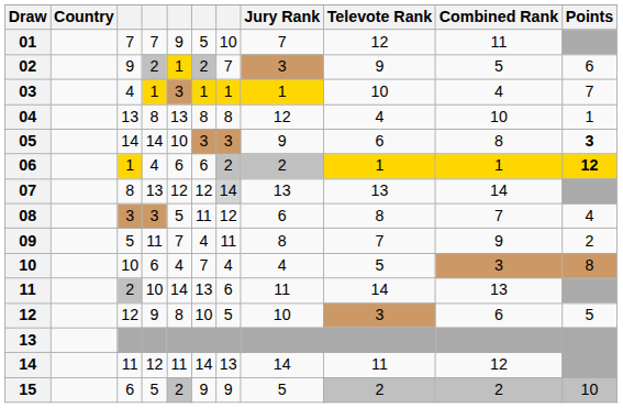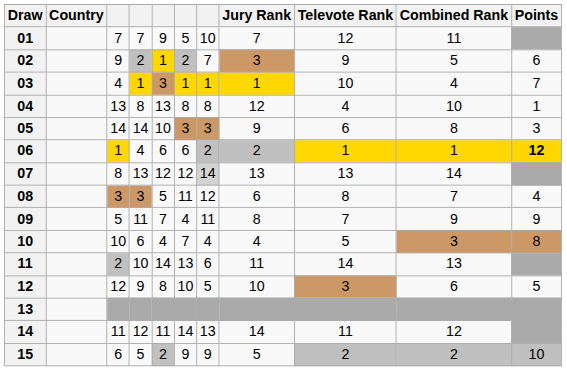 <table class="sortable wikitable collapsible plainrowheaders" style="text-align:center;">
 <tr>
 </tr>
 <tr>
 <th scope="col">Draw</th>
 <th scope="col">Country</th>
 <th scope="col"><small></small></th>
 <th scope="col"><small></small></th>
 <th scope="col"><small></small></th>
 <th scope="col"><small></small></th>
 <th scope="col"><small></small></th>
 <th scope="col">Jury Rank</th>
 <th scope="col">Televote Rank</th>
 <th scope="col">Combined Rank</th>
 <th scope="col">Points</th>
 </tr>
 <tr>
 <th scope="row" style="text-align:center;">01</th>
 <td style="text-align:left;"></td>
 <td>7</td>
 <td>7</td>
 <td>9</td>
 <td>5</td>
 <td>10</td>
 <td>7</td>
 <td>12</td>
 <td>11</td>
 <td style="background:#AAAAAA;"></td>
 </tr>
 <tr>
 <th scope="row" style="text-align:center;">02</th>
 <td style="text-align:left;"></td>
 <td>9</td>
 <td style="background:silver;">2</td>
 <td style="background:gold;">1</td>
 <td style="background:silver;">2</td>
 <td>7</td>
 <td style="background:#CC9966;">3</td>
 <td>9</td>
 <td>5</td>
 <td>6</td>
 </tr>
 <tr>
 <th scope="row" style="text-align:center;">03</th>
 <td style="text-align:left;"></td>
 <td>4</td>
 <td style="background:gold;">1</td>
 <td style="background:#CC9966;">3</td>
 <td style="background:gold;">1</td>
 <td style="background:gold;">1</td>
 <td style="background:gold;">1</td>
 <td>10</td>
 <td>4</td>
 <td>7</td>
 </tr>
 <tr>
 <th scope="row" style="text-align:center;">04</th>
 <td style="text-align:left;"></td>
 <td>13</td>
 <td>8</td>
 <td>13</td>
 <td>8</td>
 <td>8</td>
 <td>12</td>
 <td>4</td>
 <td>10</td>
 <td>1</td>
 </tr>
 <tr>
 <th scope="row" style="text-align:center;">05</th>
 <td style="text-align:left;"></td>
 <td>14</td>
 <td>14</td>
 <td>10</td>
 <td style="background:#CC9966;">3</td>
 <td style="background:#CC9966;">3</td>
 <td>9</td>
 <td>6</td>
 <td>8</td>
-<td><strong>3</strong></td>
+<td>3</td>
 </tr>
 <tr>
 <th scope="row" style="text-align:center;">06</th>
 <td style="text-align:left;"></td>
 <td style="background:gold;">1</td>
 <td>4</td>
 <td>6</td>
 <td>6</td>
 <td style="background:silver;">2</td>
 <td style="background:silver;">2</td>
 <td style="background:gold;">1</td>
 <td style="background:gold;">1</td>
 <td style="background:gold;"><strong>12</strong></td>
 </tr>
 <tr>
 <th scope="row" style="text-align:center;">07</th>
 <td style="text-align:left;"></td>
 <td>8</td>
 <td>13</td>
 <td>12</td>
 <td>12</td>
 <td style="background: lightgrey;">14</td>
 <td>13</td>
 <td>13</td>
 <td>14</td>
 <td style="background:#AAAAAA;"></td>
 </tr>
 <tr>
 <th scope="row" style="text-align:center;">08</th>
 <td style="text-align:left;"></td>
 <td style="background:#CC9966;">3</td>
 <td style="background:#CC9966;">3</td>
 <td>5</td>
 <td>11</td>
 <td>12</td>
 <td>6</td>
 <td>8</td>
 <td>7</td>
 <td>4</td>
 </tr>
 <tr>
 <th scope="row" style="text-align:center;">09</th>
 <td style="text-align:left;"></td>
 <td>5</td>
 <td>11</td>
 <td>7</td>
 <td>4</td>
 <td>11</td>
 <td>8</td>
 <td>7</td>
 <td>9</td>
-<td>2</td>
+<td>9</td>
 </tr>
 <tr>
 <th scope="row" style="text-align:center;">10</th>
 <td style="text-align:left;"></td>
 <td>10</td>
 <td>6</td>
 <td>4</td>
 <td>7</td>
 <td>4</td>
 <td>4</td>
 <td>5</td>
 <td style="background:#CC9966;">3</td>
 <td style="background:#CC9966;">8</td>
 </tr>
 <tr>
 <th scope="row" style="text-align:center;">11</th>
 <td style="text-align:left;"></td>
 <td style="background:silver;">2</td>
 <td>10</td>
 <td>14</td>
 <td>13</td>
 <td>6</td>
 <td>11</td>
 <td>14</td>
 <td>13</td>
 <td style="background:#AAAAAA;"></td>
 </tr>
 <tr>
 <th scope="row" style="text-align:center;">12</th>
 <td style="text-align:left;"></td>
 <td>12</td>
 <td>9</td>
 <td>8</td>
 <td>10</td>
 <td>5</td>
 <td>10</td>
 <td style="background:#CC9966;">3</td>
 <td>6</td>
 <td>5</td>
 </tr>
 <tr class="sortbottom">
 <th scope="row" style="text-align:center;">13</th>
 <td style="text-align:left;"></td>
 <td style="background:#AAAAAA;"></td>
 <td style="background:#AAAAAA;"></td>
 <td style="background:#AAAAAA;"></td>
 <td style="background:#AAAAAA;"></td>
 <td style="background:#AAAAAA;"></td>
 <td style="background:#AAAAAA;"></td>
 <td style="background:#AAAAAA;"></td>
 <td style="background:#AAAAAA;"></td>
 <td style="background:#AAAAAA;"></td>
 </tr>
 <tr>
 <th scope="row" style="text-align:center;">14</th>
 <td style="text-align:left;"></td>
 <td>11</td>
 <td>12</td>
 <td>11</td>
 <td>14</td>
 <td>13</td>
 <td>14</td>
 <td>11</td>
 <td>12</td>
 <td style="background:#AAAAAA;"></td>
 </tr>
 <tr>
 <th scope="row" style="text-align:center;">15</th>
 <td style="text-align:left;"></td>
 <td>6</td>
 <td>5</td>
 <td style="background:silver;">2</td>
 <td>9</td>
 <td>9</td>
 <td>5</td>
 <td style="background:silver;">2</td>
 <td style="background:silver;">2</td>
 <td style="background:silver;">10</td>
 </tr>
 </table>
